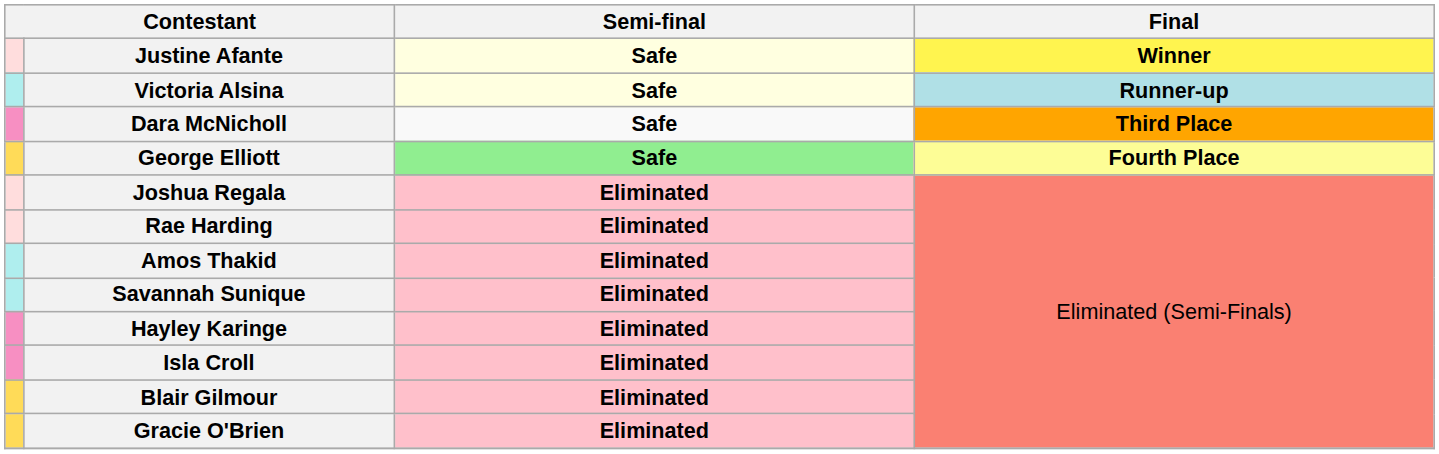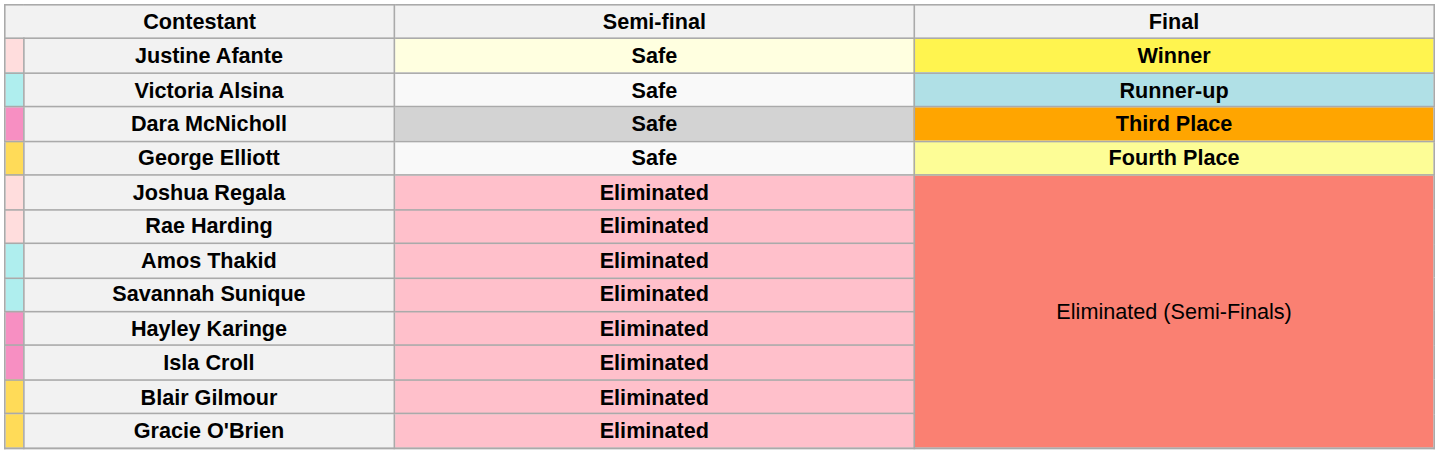 <table class="wikitable" style="text-align:center; font-size:85%">
 <tr>
 <th colspan="2" style="width:15%;">Contestant</th>
 <th scope="col" style="width:20%;">Semi-final</th>
 <th colspan="2" style="width:20%;">Final</th>
 </tr>
 <tr>
 <th style="background:#ffdddd"></th>
 <th>Justine Afante</th>
 <td style="background: lightyellow;"><strong>Safe</strong></td>
 <td style = "background:#FFF44F"><strong>Winner</strong></td>
 </tr>
 <tr>
 <th style="background:#afeeee"></th>
 <th>Victoria Alsina</th>
-<td style="background: lightyellow;"><strong>Safe</strong></td>
+<td><strong>Safe</strong></td>
 <td style = "background:#B0E0E6"><strong>Runner-up</strong></td>
 </tr>
 <tr>
 <th style="background:#f78fc2"></th>
 <th>Dara McNicholl</th>
-<td><strong>Safe</strong></td>
+<td style="background: lightgrey;"><strong>Safe</strong></td>
 <td style = "background:orange"><strong>Third Place</strong></td>
 </tr>
 <tr>
 <th style="background:#ffdb58"></th>
 <th>George Elliott</th>
-<td style="background: lightgreen;"><strong>Safe</strong></td>
+<td><strong>Safe</strong></td>
 <td style = "background:#FDFD96"><strong>Fourth Place</strong></td>
 </tr>
 <tr>
 <th style="background:#ffdddd"></th>
 <th>Joshua Regala</th>
 <td style = "background:pink"><strong>Eliminated</strong></td>
 <td rowspan="8" colspan="2" style="background:salmon;">Eliminated (Semi-Finals)</td>
 </tr>
 <tr>
 <th style="background:#ffdddd"></th>
 <th>Rae Harding</th>
 <td style = "background:pink"><strong>Eliminated</strong></td>
 </tr>
 <tr>
 <th style="background:#afeeee"></th>
 <th>Amos Thakid</th>
 <td style = "background:pink"><strong>Eliminated</strong></td>
 </tr>
 <tr>
 <th style="background:#afeeee"></th>
 <th>Savannah Sunique</th>
 <td style = "background:pink"><strong>Eliminated</strong></td>
 </tr>
 <tr>
 <th style="background:#f78fc2"></th>
 <th>Hayley Karinge</th>
 <td style = "background:pink"><strong>Eliminated</strong></td>
 </tr>
 <tr>
 <th style="background:#f78fc2"></th>
 <th>Isla Croll</th>
 <td style = "background:pink"><strong>Eliminated</strong></td>
 </tr>
 <tr>
 <th style="background:#ffdb58"></th>
 <th>Blair Gilmour</th>
 <td style = "background:pink"><strong>Eliminated</strong></td>
 </tr>
 <tr>
 <th style="background:#ffdb58"></th>
 <th>Gracie O'Brien</th>
 <td style = "background:pink"><strong>Eliminated</strong></td>
 </tr>
 <tr>
 </tr>
 </table>
